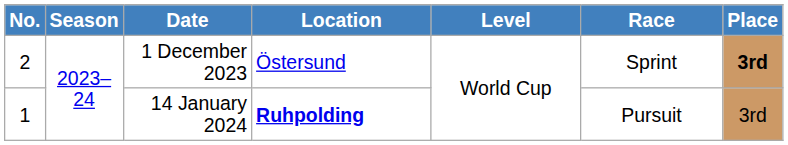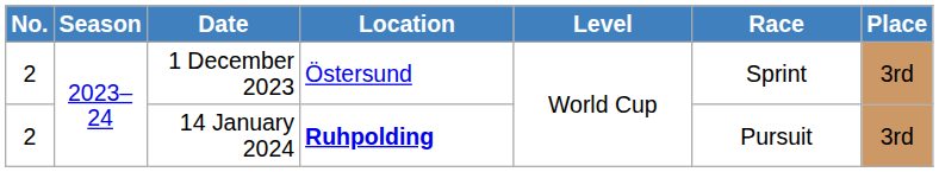 <table class="wikitable sortable" style="font-size:95%; text-align:center; border:grey solid 1px; border-collapse:collapse; background:#ffffff;">
 <tr style="background:#efefef;">
 <th style="background-color:#4180be; color:white;">No.</th>
 <th style="background-color:#4180be; color:white;">Season</th>
 <th style="background-color:#4180be; color:white; width:120px;">Date</th>
 <th style="background-color:#4180be; color:white; width:190px;">Location</th>
 <th style="background-color:#4180be; color:white; width:190px;">Level</th>
 <th style="background-color:#4180be; color:white; width:170px;">Race</th>
 <th style="background-color:#4180be; color:white;">Place</th>
 </tr>
 <tr>
 <td align=center>2</td>
 <td rowspan=2 align="center"><a href='#'>2023–24</a></td>
 <td align=right>1 December 2023</td>
 <td align=left> <a href='#'>Östersund</a></td>
 <td rowspan=2>World Cup</td>
 <td>Sprint</td>
-<td bgcolor="cc9966"><strong>3rd</strong></td>
+<td bgcolor="cc9966">3rd</td>
 </tr>
 <tr>
-<td align=center>1</td>
+<td align=center>2</td>
 <td align=right>14 January 2024</td>
 <td align=left><strong> <a href='#'>Ruhpolding</a></strong></td>
 <td>Pursuit</td>
 <td bgcolor="cc9966">3rd</td>
 </tr>
 </table>
